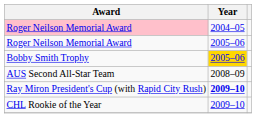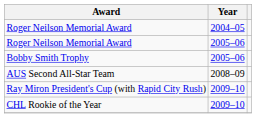 <table class="wikitable">
 <tr>
 <th>Award</th>
 <th>Year</th>
 <th></th>
 </tr>
 <tr>
-<td style="background: pink;"><a href='#'>Roger Neilson Memorial Award</a></td>
+<td><a href='#'>Roger Neilson Memorial Award</a></td>
 <td><a href='#'>2004–05</a></td>
 <td></td>
 </tr>
 <tr>
 <td><a href='#'>Roger Neilson Memorial Award</a></td>
 <td><a href='#'>2005–06</a></td>
 <td></td>
 </tr>
 <tr>
 <td><a href='#'>Bobby Smith Trophy</a></td>
-<td style="background: gold;"><a href='#'>2005–06</a></td>
+<td><a href='#'>2005–06</a></td>
 <td></td>
 </tr>
 <tr>
 <td><a href='#'>AUS</a> Second All-Star Team</td>
 <td>2008–09</td>
 <td></td>
 </tr>
 <tr>
 <td><a href='#'>Ray Miron President's Cup</a> (with <a href='#'>Rapid City Rush</a>)</td>
-<td><strong><a href='#'>2009–10</a></strong></td>
+<td><a href='#'>2009–10</a></td>
 <td></td>
 </tr>
 <tr>
 <td><a href='#'>CHL</a> Rookie of the Year</td>
 <td><a href='#'>2009–10</a></td>
 <td></td>
 </tr>
 <tr>
 </tr>
 </table>
